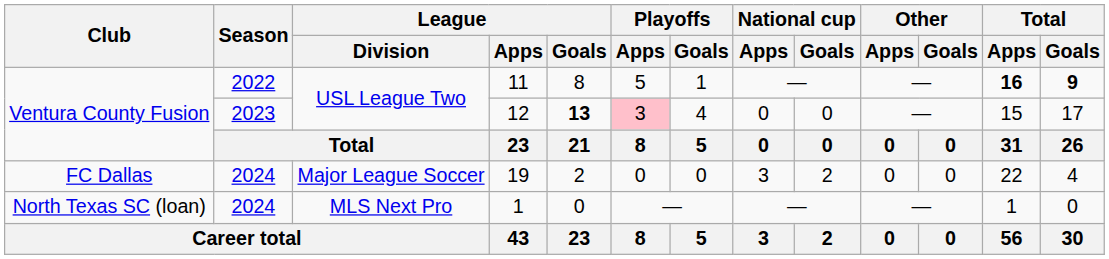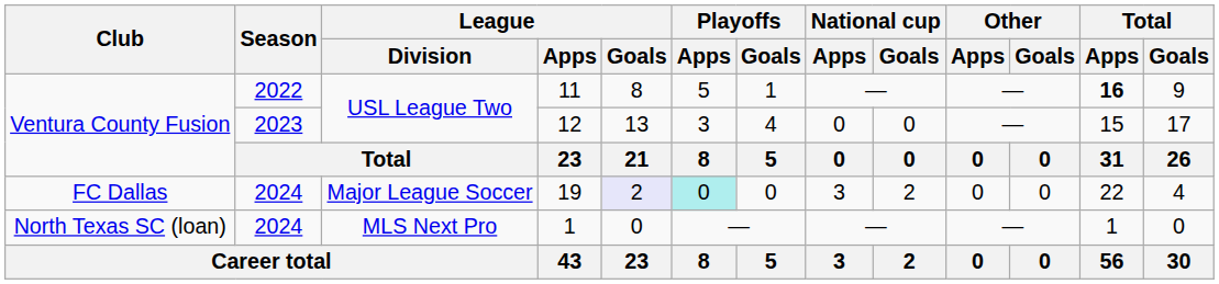 <table class="wikitable" style="text-align: center">
 <tr>
 <th rowspan="2">Club</th>
 <th rowspan="2">Season</th>
 <th colspan="3">League</th>
 <th colspan="2">Playoffs</th>
 <th colspan="2">National cup</th>
 <th colspan="2">Other</th>
 <th colspan="2">Total</th>
 </tr>
 <tr>
 <th>Division</th>
 <th>Apps</th>
 <th>Goals</th>
 <th>Apps</th>
 <th>Goals</th>
 <th>Apps</th>
 <th>Goals</th>
 <th>Apps</th>
 <th>Goals</th>
 <th>Apps</th>
 <th>Goals</th>
 </tr>
 <tr>
 <td rowspan=3><a href='#'>Ventura County Fusion</a></td>
 <td><a href='#'>2022</a></td>
 <td rowspan=2><a href='#'>USL League Two</a></td>
 <td>11</td>
 <td>8</td>
 <td>5</td>
 <td>1</td>
 <td colspan="2">—</td>
 <td colspan="2">—</td>
 <td><strong>16</strong></td>
-<td><strong>9</strong></td>
+<td>9</td>
 </tr>
 <tr>
 <td><a href='#'>2023</a></td>
 <td>12</td>
-<td><strong>13</strong></td>
-<td style="background: pink;">3</td>
+<td>13</td>
+<td>3</td>
 <td>4</td>
 <td>0</td>
 <td>0</td>
 <td colspan="2">—</td>
 <td>15</td>
 <td>17</td>
 </tr>
 <tr>
 <th colspan="2"><strong>Total</strong></th>
 <th>23</th>
 <th>21</th>
 <th>8</th>
 <th>5</th>
 <th>0</th>
 <th>0</th>
 <th>0</th>
 <th>0</th>
 <th>31</th>
 <th>26</th>
 </tr>
 <tr>
 <td><a href='#'>FC Dallas</a></td>
 <td><a href='#'>2024</a></td>
 <td><a href='#'>Major League Soccer</a></td>
 <td>19</td>
-<td>2</td>
-<td>0</td>
+<td style="background: lavender;">2</td>
+<td style="background: paleturquoise;">0</td>
 <td>0</td>
 <td>3</td>
 <td>2</td>
 <td>0</td>
 <td>0</td>
 <td>22</td>
 <td>4</td>
 </tr>
 <tr>
 <td><a href='#'>North Texas SC</a> (loan)</td>
 <td><a href='#'>2024</a></td>
 <td><a href='#'>MLS Next Pro</a></td>
 <td>1</td>
 <td>0</td>
 <td colspan="2">—</td>
 <td colspan="2">—</td>
 <td colspan="2">—</td>
 <td>1</td>
 <td>0</td>
 </tr>
 <tr>
 <th colspan="3"><strong>Career total</strong></th>
 <th>43</th>
 <th>23</th>
 <th>8</th>
 <th>5</th>
 <th>3</th>
 <th>2</th>
 <th>0</th>
 <th>0</th>
 <th>56</th>
 <th>30</th>
 </tr>
 </table>
